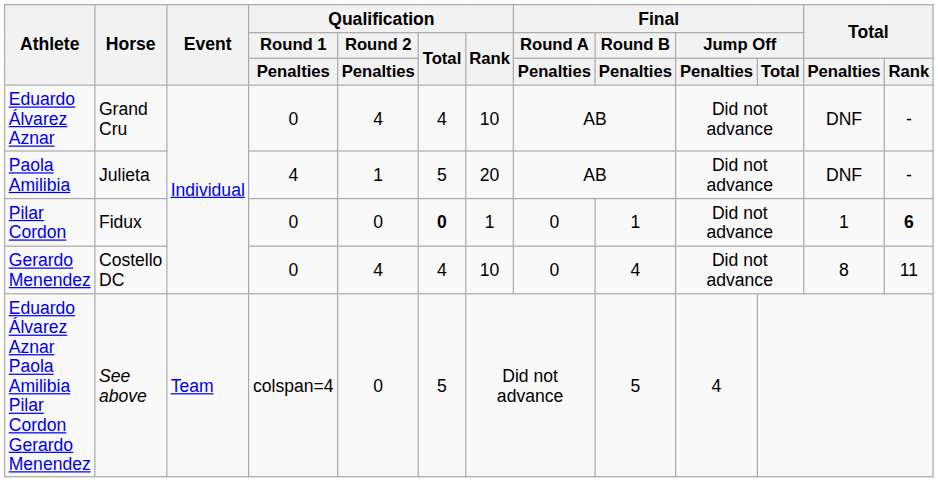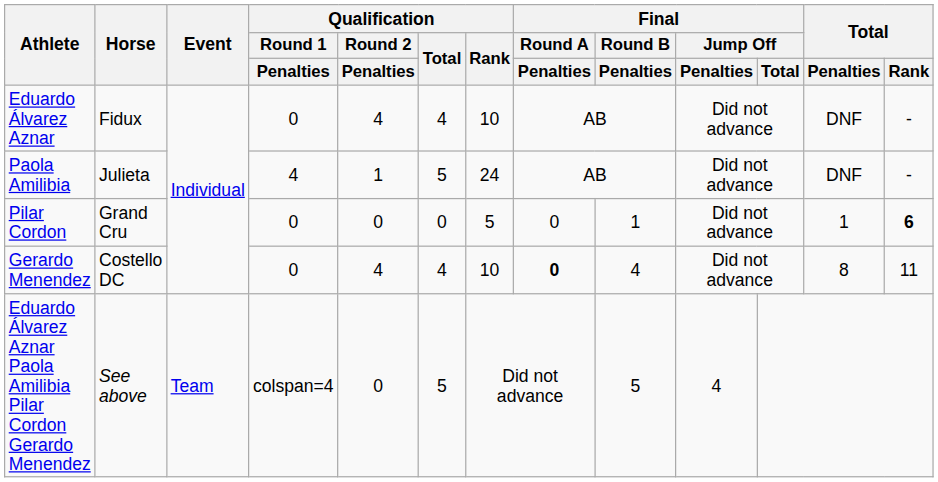 <table class=wikitable style=font-size:90%;text-align:center>
 <tr>
 <th rowspan="3">Athlete</th>
 <th rowspan="3">Horse</th>
 <th rowspan="3">Event</th>
 <th colspan="4">Qualification</th>
 <th colspan="4">Final</th>
 <th rowspan=2 colspan="2">Total</th>
 </tr>
 <tr style="font-size:95%">
 <th>Round 1</th>
 <th>Round 2</th>
 <th rowspan=2>Total</th>
 <th rowspan=2>Rank</th>
 <th>Round A</th>
 <th>Round B</th>
 <th colspan="2">Jump Off</th>
 </tr>
 <tr style="font-size:95%">
 <th>Penalties</th>
 <th>Penalties</th>
 <th>Penalties</th>
 <th>Penalties</th>
 <th>Penalties</th>
 <th>Total</th>
 <th>Penalties</th>
 <th>Rank</th>
 </tr>
 <tr>
 <td align=left><a href='#'>Eduardo Álvarez Aznar</a></td>
-<td align=left>Grand Cru</td>
+<td align=left>Fidux</td>
 <td align=left rowspan=4><a href='#'>Individual</a></td>
 <td>0</td>
 <td>4</td>
 <td>4</td>
 <td>10</td>
 <td colspan=2>AB</td>
 <td colspan=2>Did not advance</td>
 <td>DNF</td>
 <td>-</td>
 </tr>
 <tr>
 <td align=left><a href='#'>Paola Amilibia</a></td>
 <td align=left>Julieta</td>
 <td>4</td>
 <td>1</td>
 <td>5</td>
-<td>20</td>
+<td>24</td>
 <td colspan=2>AB</td>
 <td colspan=2>Did not advance</td>
 <td>DNF</td>
 <td>-</td>
 </tr>
 <tr>
 <td align=left><a href='#'>Pilar Cordon</a></td>
-<td align=left>Fidux</td>
+<td align=left>Grand Cru</td>
 <td>0</td>
 <td>0</td>
-<td><strong>0</strong></td>
-<td>1</td>
+<td>0</td>
+<td>5</td>
 <td>0</td>
 <td>1</td>
 <td colspan=2>Did not advance</td>
 <td>1</td>
 <td><strong>6</strong></td>
 </tr>
 <tr>
 <td align=left><a href='#'>Gerardo Menendez</a></td>
 <td align=left>Costello DC</td>
 <td>0</td>
 <td>4</td>
 <td>4</td>
 <td>10</td>
-<td>0</td>
+<td><strong>0</strong></td>
 <td>4</td>
 <td colspan=2>Did not advance</td>
 <td>8</td>
 <td>11</td>
 </tr>
 <tr>
 <td align=left><a href='#'>Eduardo Álvarez Aznar</a><br><a href='#'>Paola Amilibia</a><br><a href='#'>Pilar Cordon</a><br><a href='#'>Gerardo Menendez</a></td>
 <td align=left><em>See above</em></td>
 <td align=left><a href='#'>Team</a></td>
 <td>colspan=4 </td>
 <td>0</td>
 <td>5</td>
 <td colspan=2>Did not advance</td>
 <td>5</td>
 <td>4</td>
 </tr>
 </table>
